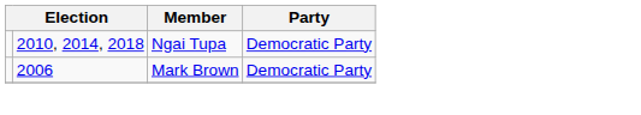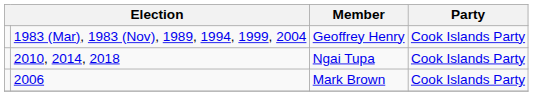 <table class="wikitable">
 <tr>
 <th colspan="2">Election</th>
 <th>Member</th>
 <th>Party</th>
 </tr>
 <tr>
 <td style="background-color: "></td>
+<td><a href='#'>1983 (Mar)</a>, <a href='#'>1983 (Nov)</a>, <a href='#'>1989</a>, <a href='#'>1994</a>, <a href='#'>1999</a>, <a href='#'>2004</a></td>
+<td><a href='#'>Geoffrey Henry</a></td>
+<td><a href='#'>Cook Islands Party</a></td>
+</tr>
+<tr>
+<td style="background-color: "></td>
 <td><a href='#'>2010</a>, <a href='#'>2014</a>, <a href='#'>2018</a></td>
 <td><a href='#'>Ngai Tupa</a></td>
-<td><a href='#'>Democratic Party</a></td>
+<td><a href='#'>Cook Islands Party</a></td>
 </tr>
 <tr>
 <td style="background-color: "></td>
 <td><a href='#'>2006</a></td>
 <td><a href='#'>Mark Brown</a></td>
-<td><a href='#'>Democratic Party</a></td>
+<td><a href='#'>Cook Islands Party</a></td>
 </tr>
 <tr>
 </tr>
 </table>
